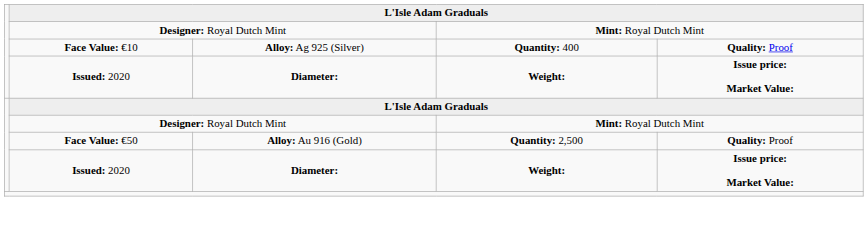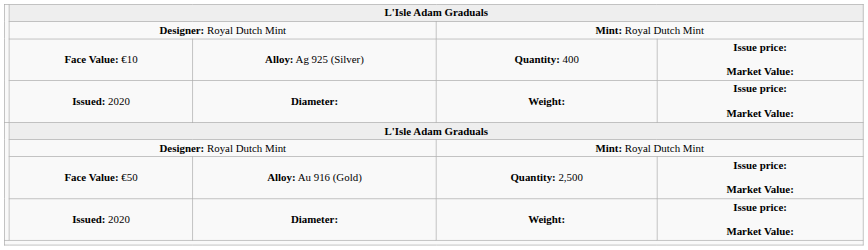 <table class="wikitable" width=100%>
 <tr>
 <td rowspan=4 width="330px" nowrap align=center></td>
 <th colspan="4" align=center style="background:#eeeeee;">L'Isle Adam Graduals</th>
 </tr>
 <tr>
 <td colspan="2" width="50%" align=center><strong>Designer:</strong> Royal Dutch Mint</td>
 <td colspan="2" width="50%" align=center><strong>Mint:</strong> Royal Dutch Mint</td>
 </tr>
 <tr>
 <td align=center><strong>Face Value:</strong> €10</td>
 <td align=center><strong>Alloy:</strong> Ag 925 (Silver)</td>
 <td align=center><strong>Quantity:</strong> 400</td>
-<td align=center><strong>Quality:</strong> <a href='#'>Proof</a></td>
+<td align=center><strong>Issue price:</strong><br><br> <strong>Market Value:</strong></td>
 </tr>
 <tr>
 <td align=center><strong>Issued:</strong> 2020</td>
 <td align=center><strong>Diameter:</strong> </td>
 <td align=center><strong>Weight:</strong> </td>
 <td align=center><strong>Issue price:</strong><br><br> <strong>Market Value:</strong></td>
 </tr>
 <tr>
 <td rowspan=4 width="330px" nowrap align=center></td>
 <th colspan="4" align=center style="background:#eeeeee;">L'Isle Adam Graduals</th>
 </tr>
 <tr>
 <td colspan="2" width="50%" align=center><strong>Designer:</strong> Royal Dutch Mint</td>
 <td colspan="2" width="50%" align=center><strong>Mint:</strong> Royal Dutch Mint</td>
 </tr>
 <tr>
 <td align=center><strong>Face Value:</strong> €50</td>
 <td align=center><strong>Alloy:</strong> Au 916 (Gold)</td>
 <td align=center><strong>Quantity:</strong> 2,500</td>
-<td align=center><strong>Quality:</strong> Proof</td>
+<td align=center><strong>Issue price:</strong><br><br> <strong>Market Value:</strong></td>
 </tr>
 <tr>
 <td align=center><strong>Issued:</strong> 2020</td>
 <td align=center><strong>Diameter:</strong> </td>
 <td align=center><strong>Weight:</strong> </td>
 <td align=center><strong>Issue price:</strong><br><br> <strong>Market Value:</strong></td>
 </tr>
 <tr>
 <td colspan="5" align=left></td>
 </tr>
 </table>
